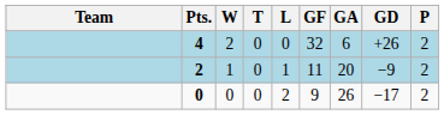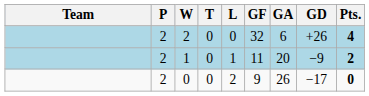 <table class="wikitable" style="margin:1em auto;">
 <tr align=center bgcolor="lightsteelblue">
 <th width=165>Team</th>
-<th width=20>Pts.</th>
+<th width=20>P</th>
 <th width=20>W</th>
 <th width=20>T</th>
 <th width=20>L</th>
 <th width=20>GF</th>
 <th width=20>GA</th>
 <th width=40>GD</th>
-<th width=20>P</th>
+<th width=20>Pts.</th>
 </tr>
 <tr align=center bgcolor=lightblue>
 <td style="text-align:left;"><strong></strong></td>
-<td><strong>4</strong></td>
+<td>2</td>
 <td>2</td>
 <td>0</td>
 <td>0</td>
 <td>32</td>
 <td>6</td>
 <td>+26</td>
-<td>2</td>
+<td><strong>4</strong></td>
 </tr>
 <tr align=center bgcolor=lightblue>
 <td style="text-align:left;"><strong></strong></td>
-<td><strong>2</strong></td>
+<td>2</td>
 <td>1</td>
 <td>0</td>
 <td>1</td>
 <td>11</td>
 <td>20</td>
 <td>−9</td>
-<td>2</td>
+<td><strong>2</strong></td>
 </tr>
 <tr align=center>
 <td style="text-align:left;"></td>
-<td><strong>0</strong></td>
+<td>2</td>
 <td>0</td>
 <td>0</td>
 <td>2</td>
 <td>9</td>
 <td>26</td>
 <td>−17</td>
-<td>2</td>
+<td><strong>0</strong></td>
 </tr>
 </table>
